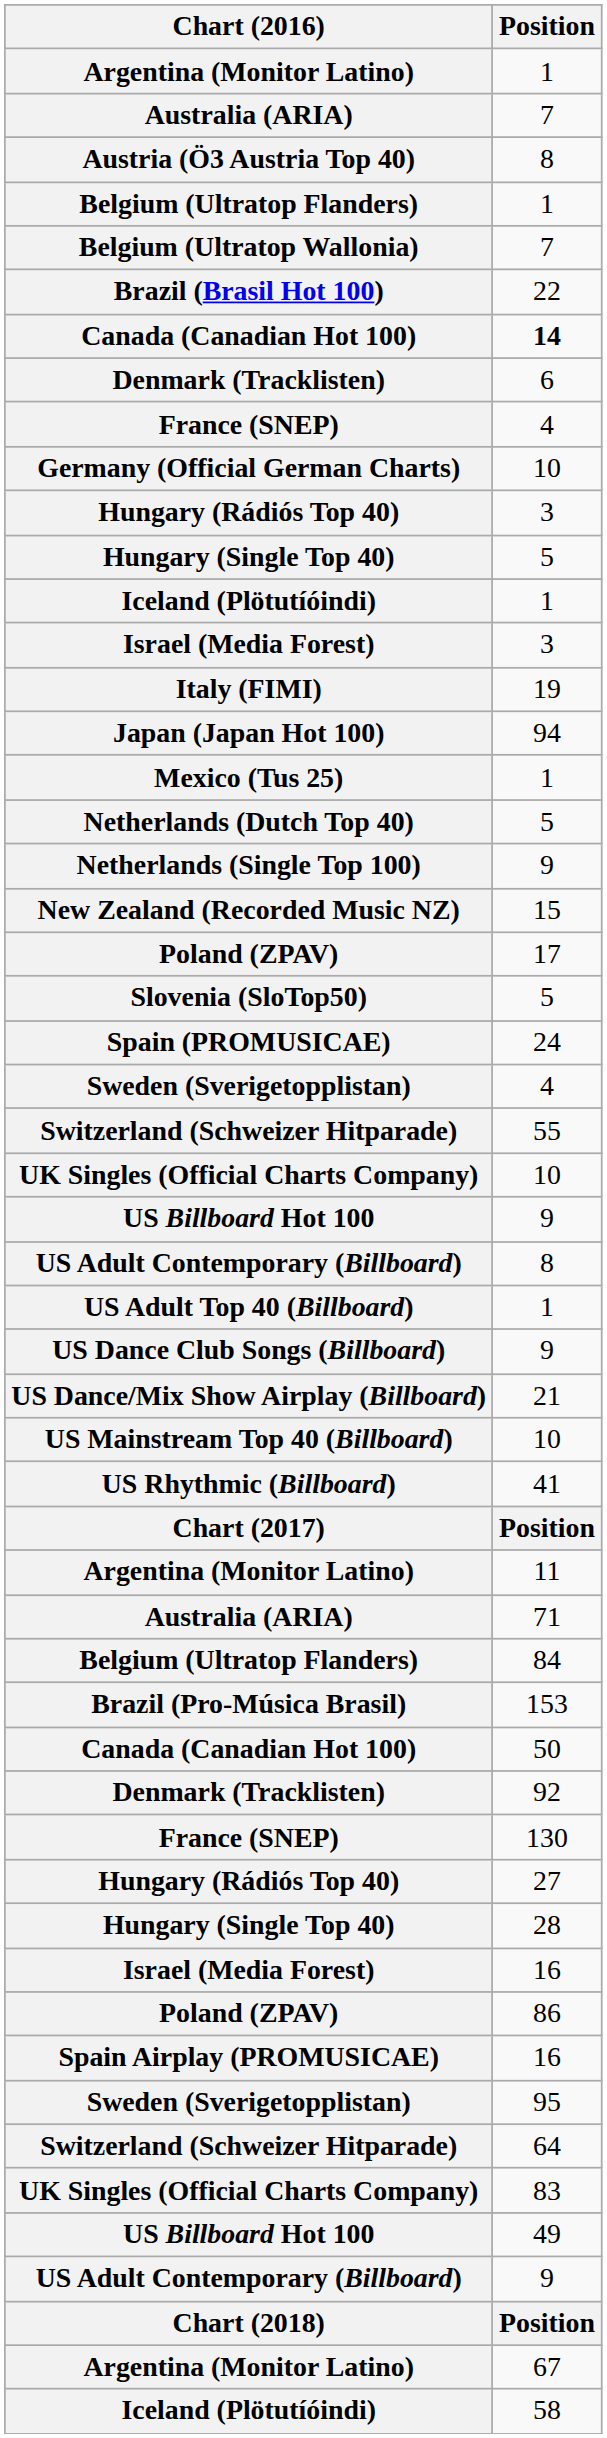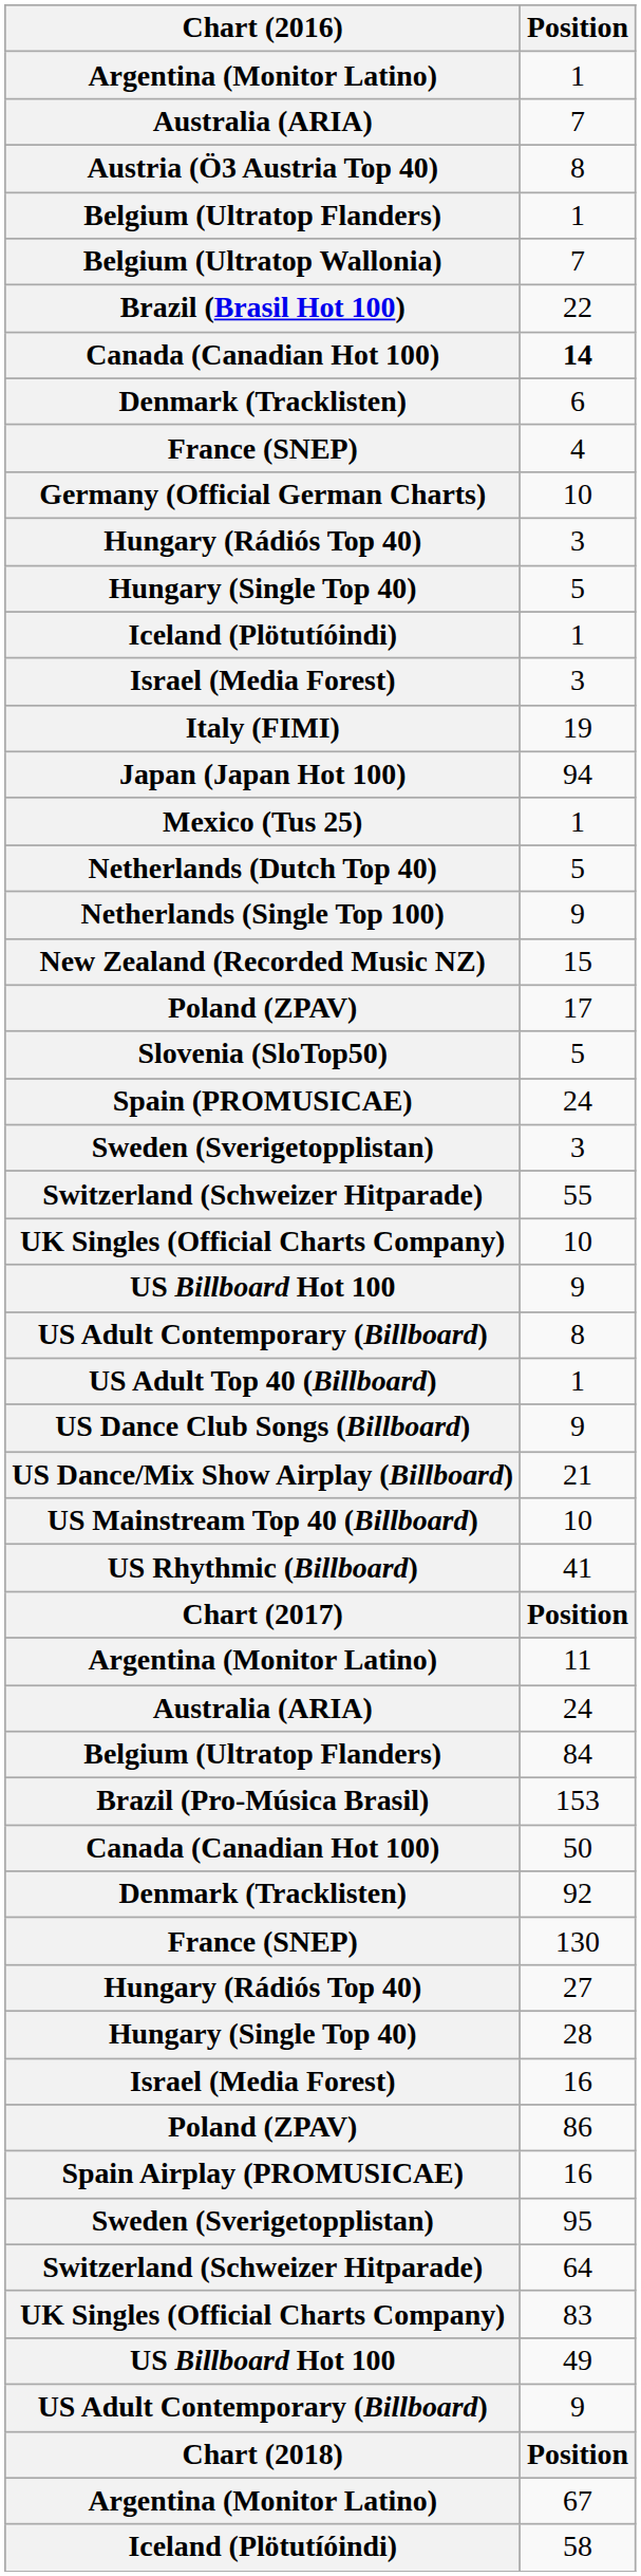 <table class="wikitable plainrowheaders sortable" style="text-align:center">
 <tr>
 <th scope="col">Chart (2016)</th>
 <th scope="col">Position</th>
 </tr>
 <tr>
 <th scope="row">Argentina (Monitor Latino)</th>
 <td>1</td>
 </tr>
 <tr>
 <th scope="row">Australia (ARIA)</th>
 <td>7</td>
 </tr>
 <tr>
 <th scope="row">Austria (Ö3 Austria Top 40)</th>
 <td>8</td>
 </tr>
 <tr>
 <th scope="row">Belgium (Ultratop Flanders)</th>
 <td>1</td>
 </tr>
 <tr>
 <th scope="row">Belgium (Ultratop Wallonia)</th>
 <td>7</td>
 </tr>
 <tr>
 <th scope="row">Brazil (<a href='#'>Brasil Hot 100</a>)</th>
 <td>22</td>
 </tr>
 <tr>
 <th scope="row">Canada (Canadian Hot 100)</th>
 <td><strong>14</strong></td>
 </tr>
 <tr>
 <th scope="row">Denmark (Tracklisten)</th>
 <td>6</td>
 </tr>
 <tr>
 <th scope="row">France (SNEP)</th>
 <td>4</td>
 </tr>
 <tr>
 <th scope="row">Germany (Official German Charts)</th>
 <td>10</td>
 </tr>
 <tr>
 <th scope="row">Hungary (Rádiós Top 40)</th>
 <td>3</td>
 </tr>
 <tr>
 <th scope="row">Hungary (Single Top 40)</th>
 <td>5</td>
 </tr>
 <tr>
 <th scope="row">Iceland (Plötutíóindi)</th>
 <td>1</td>
 </tr>
 <tr>
 <th scope="row">Israel (Media Forest)</th>
 <td>3</td>
 </tr>
 <tr>
 <th scope="row">Italy (FIMI)</th>
 <td>19</td>
 </tr>
 <tr>
 <th scope="row">Japan (Japan Hot 100)</th>
 <td>94</td>
 </tr>
 <tr>
 <th scope="row">Mexico (Tus 25)</th>
 <td>1</td>
 </tr>
 <tr>
 <th scope="row">Netherlands (Dutch Top 40)</th>
 <td>5</td>
 </tr>
 <tr>
 <th scope="row">Netherlands (Single Top 100)</th>
 <td>9</td>
 </tr>
 <tr>
 <th scope="row">New Zealand (Recorded Music NZ)</th>
 <td>15</td>
 </tr>
 <tr>
 <th scope="row">Poland (ZPAV)</th>
 <td>17</td>
 </tr>
 <tr>
 <th scope="row">Slovenia (SloTop50)</th>
 <td>5</td>
 </tr>
 <tr>
 <th scope="row">Spain (PROMUSICAE)</th>
 <td>24</td>
 </tr>
 <tr>
 <th scope="row">Sweden (Sverigetopplistan)</th>
-<td>4</td>
+<td>3</td>
 </tr>
 <tr>
 <th scope="row">Switzerland (Schweizer Hitparade)</th>
 <td>55</td>
 </tr>
 <tr>
 <th scope="row">UK Singles (Official Charts Company)</th>
 <td>10</td>
 </tr>
 <tr>
 <th scope="row">US <em>Billboard</em> Hot 100</th>
 <td>9</td>
 </tr>
 <tr>
 <th scope="row">US Adult Contemporary (<em>Billboard</em>)</th>
 <td>8</td>
 </tr>
 <tr>
 <th scope="row">US Adult Top 40 (<em>Billboard</em>)</th>
 <td>1</td>
 </tr>
 <tr>
 <th scope="row">US Dance Club Songs (<em>Billboard</em>)</th>
 <td>9</td>
 </tr>
 <tr>
 <th scope="row">US Dance/Mix Show Airplay (<em>Billboard</em>)</th>
 <td>21</td>
 </tr>
 <tr>
 <th scope="row">US Mainstream Top 40 (<em>Billboard</em>)</th>
 <td>10</td>
 </tr>
 <tr>
 <th scope="row">US Rhythmic (<em>Billboard</em>)</th>
 <td>41</td>
 </tr>
 <tr>
 <th scope="col">Chart (2017)</th>
 <th scope="col">Position</th>
 </tr>
 <tr>
 <th scope="row">Argentina (Monitor Latino)</th>
 <td>11</td>
 </tr>
 <tr>
 <th scope="row">Australia (ARIA)</th>
-<td>71</td>
+<td>24</td>
 </tr>
 <tr>
 <th scope="row">Belgium (Ultratop Flanders)</th>
 <td>84</td>
 </tr>
 <tr>
 <th scope="row">Brazil (Pro-Música Brasil)</th>
 <td>153</td>
 </tr>
 <tr>
 <th scope="row">Canada (Canadian Hot 100)</th>
 <td>50</td>
 </tr>
 <tr>
 <th scope="row">Denmark (Tracklisten)</th>
 <td>92</td>
 </tr>
 <tr>
 <th scope="row">France (SNEP)</th>
 <td>130</td>
 </tr>
 <tr>
 <th scope="row">Hungary (Rádiós Top 40)</th>
 <td>27</td>
 </tr>
 <tr>
 <th scope="row">Hungary (Single Top 40)</th>
 <td>28</td>
 </tr>
 <tr>
 <th scope="row">Israel (Media Forest)</th>
 <td>16</td>
 </tr>
 <tr>
 <th scope="row">Poland (ZPAV)</th>
 <td>86</td>
 </tr>
 <tr>
 <th scope="row">Spain Airplay (PROMUSICAE)</th>
 <td>16</td>
 </tr>
 <tr>
 <th scope="row">Sweden (Sverigetopplistan)</th>
 <td>95</td>
 </tr>
 <tr>
 <th scope="row">Switzerland (Schweizer Hitparade)</th>
 <td>64</td>
 </tr>
 <tr>
 <th scope="row">UK Singles (Official Charts Company)</th>
 <td>83</td>
 </tr>
 <tr>
 <th scope="row">US <em>Billboard</em> Hot 100</th>
 <td>49</td>
 </tr>
 <tr>
 <th scope="row">US Adult Contemporary (<em>Billboard</em>)</th>
 <td>9</td>
 </tr>
 <tr>
 <th scope="col">Chart (2018)</th>
 <th scope="col">Position</th>
 </tr>
 <tr>
 <th scope="row">Argentina (Monitor Latino)</th>
 <td>67</td>
 </tr>
 <tr>
 <th scope="row">Iceland (Plötutíóindi)</th>
 <td>58</td>
 </tr>
 </table>
